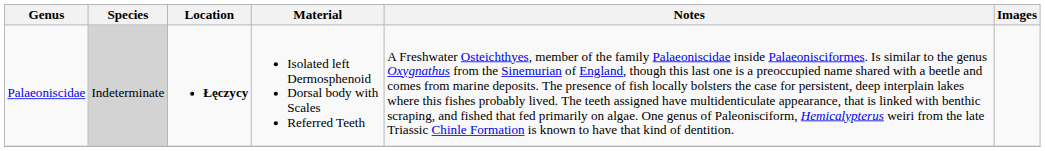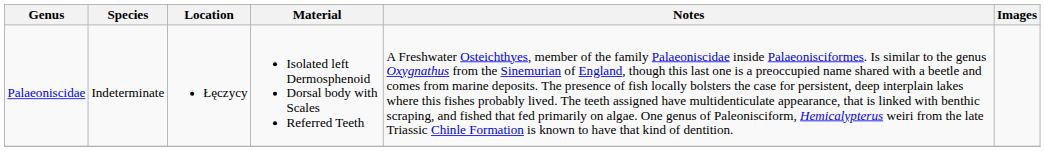 <table class="wikitable" style="margin:auto; width:100%;">
 <tr>
 <th>Genus</th>
 <th>Species</th>
 <th>Location</th>
 <th>Material</th>
 <th>Notes</th>
 <th>Images</th>
 </tr>
 <tr>
 <td><br><a href='#'>Palaeoniscidae</a></td>
-<td style="background: lightgrey;"><br>Indeterminate</td>
-<td><strong><br><ul><li>Łęczycy</li></ul></strong></td>
+<td><br>Indeterminate</td>
+<td><br><ul><li>Łęczycy</li></ul></td>
 <td><br><ul><li>Isolated left Dermosphenoid</li><li>Dorsal body with Scales</li><li>Referred Teeth</li></ul></td>
 <td><br>A Freshwater <a href='#'>Osteichthyes</a>, member of the family <a href='#'>Palaeoniscidae</a> inside <a href='#'>Palaeonisciformes</a>. Is similar to the genus <em><a href='#'>Oxygnathus</a></em> from the <a href='#'>Sinemurian</a> of <a href='#'>England</a>, though this last one is a preoccupied name shared with a beetle and comes from marine deposits. The presence of fish locally bolsters the case for persistent, deep interplain lakes where this fishes probably lived. The teeth assigned have multidenticulate appearance, that is linked with benthic scraping, and fished that fed primarily on algae. One genus of Paleonisciform, <em><a href='#'>Hemicalypterus</a></em> weiri from the late Triassic <a href='#'>Chinle Formation</a> is known to have that kind of dentition.</td>
 <td></td>
 </tr>
 <tr>
 </tr>
 </table>
